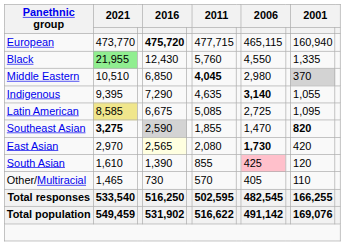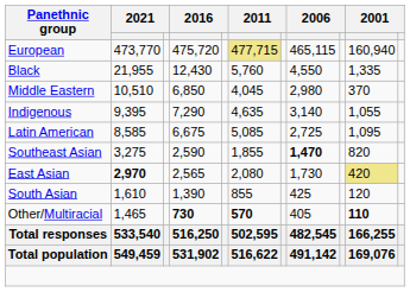 <table class="wikitable collapsible sortable">
 <tr>
 <th rowspan="2"><a href='#'>Panethnic</a><br>group</th>
 <th colspan="2">2021</th>
 <th colspan="2">2016</th>
 <th colspan="2">2011</th>
 <th colspan="2">2006</th>
 <th colspan="2">2001</th>
 </tr>
 <tr>
 <th><a href='#'></a></th>
 <th></th>
 <th></th>
 <th></th>
 <th></th>
 <th></th>
 <th></th>
 <th></th>
 <th></th>
 <th></th>
 </tr>
 <tr>
 <td><a href='#'>European</a></td>
 <td>473,770</td>
 <td></td>
-<td><strong>475,720</strong></td>
+<td>475,720</td>
 <td></td>
-<td>477,715</td>
+<td style="background: khaki;">477,715</td>
 <td></td>
 <td>465,115</td>
 <td></td>
 <td>160,940</td>
 <td></td>
 </tr>
 <tr>
 <td><a href='#'>Black</a></td>
-<td style="background: lightgreen;">21,955</td>
+<td>21,955</td>
 <td></td>
 <td>12,430</td>
 <td></td>
 <td>5,760</td>
 <td></td>
 <td>4,550</td>
 <td></td>
 <td>1,335</td>
 <td></td>
 </tr>
 <tr>
 <td><a href='#'>Middle Eastern</a></td>
 <td>10,510</td>
 <td></td>
 <td>6,850</td>
 <td></td>
-<td><strong>4,045</strong></td>
+<td>4,045</td>
 <td></td>
 <td>2,980</td>
 <td></td>
-<td style="background: lightgrey;">370</td>
+<td>370</td>
 <td></td>
 </tr>
 <tr>
 <td><a href='#'>Indigenous</a></td>
 <td>9,395</td>
 <td></td>
 <td>7,290</td>
 <td></td>
 <td>4,635</td>
 <td></td>
-<td><strong>3,140</strong></td>
+<td>3,140</td>
 <td></td>
 <td>1,055</td>
 <td></td>
 </tr>
 <tr>
 <td><a href='#'>Latin American</a></td>
-<td style="background: khaki;">8,585</td>
+<td>8,585</td>
 <td></td>
 <td>6,675</td>
 <td></td>
 <td>5,085</td>
 <td></td>
 <td>2,725</td>
 <td></td>
 <td>1,095</td>
 <td></td>
 </tr>
 <tr>
 <td><a href='#'>Southeast Asian</a></td>
-<td><strong>3,275</strong></td>
+<td>3,275</td>
 <td></td>
-<td style="background: lightgrey;">2,590</td>
+<td>2,590</td>
 <td></td>
 <td>1,855</td>
 <td></td>
-<td>1,470</td>
+<td><strong>1,470</strong></td>
 <td></td>
-<td><strong>820</strong></td>
+<td>820</td>
 <td></td>
 </tr>
 <tr>
 <td><a href='#'>East Asian</a></td>
-<td>2,970</td>
+<td><strong>2,970</strong></td>
 <td></td>
-<td style="background: lightyellow;">2,565</td>
+<td>2,565</td>
 <td></td>
 <td>2,080</td>
 <td></td>
-<td><strong>1,730</strong></td>
+<td>1,730</td>
 <td></td>
-<td>420</td>
+<td style="background: khaki;">420</td>
 <td></td>
 </tr>
 <tr>
 <td><a href='#'>South Asian</a></td>
 <td>1,610</td>
 <td></td>
 <td>1,390</td>
 <td></td>
 <td>855</td>
 <td></td>
-<td style="background: pink;">425</td>
+<td>425</td>
 <td></td>
 <td>120</td>
 <td></td>
 </tr>
 <tr>
 <td>Other/<a href='#'>Multiracial</a></td>
 <td>1,465</td>
 <td></td>
-<td>730</td>
+<td><strong>730</strong></td>
 <td></td>
-<td>570</td>
+<td><strong>570</strong></td>
 <td></td>
 <td>405</td>
 <td></td>
-<td>110</td>
+<td><strong>110</strong></td>
 <td></td>
 </tr>
 <tr>
 <th>Total responses</th>
 <th>533,540</th>
 <th></th>
 <th>516,250</th>
 <th></th>
 <th>502,595</th>
 <th></th>
 <th>482,545</th>
 <th></th>
 <th>166,255</th>
 <th></th>
 </tr>
 <tr>
 <th>Total population</th>
 <th>549,459</th>
 <th></th>
 <th>531,902</th>
 <th></th>
 <th>516,622</th>
 <th></th>
 <th>491,142</th>
 <th></th>
 <th>169,076</th>
 <th></th>
 </tr>
 <tr class="sortbottom">
 <td colspan="15"><br></td>
 </tr>
 </table>
